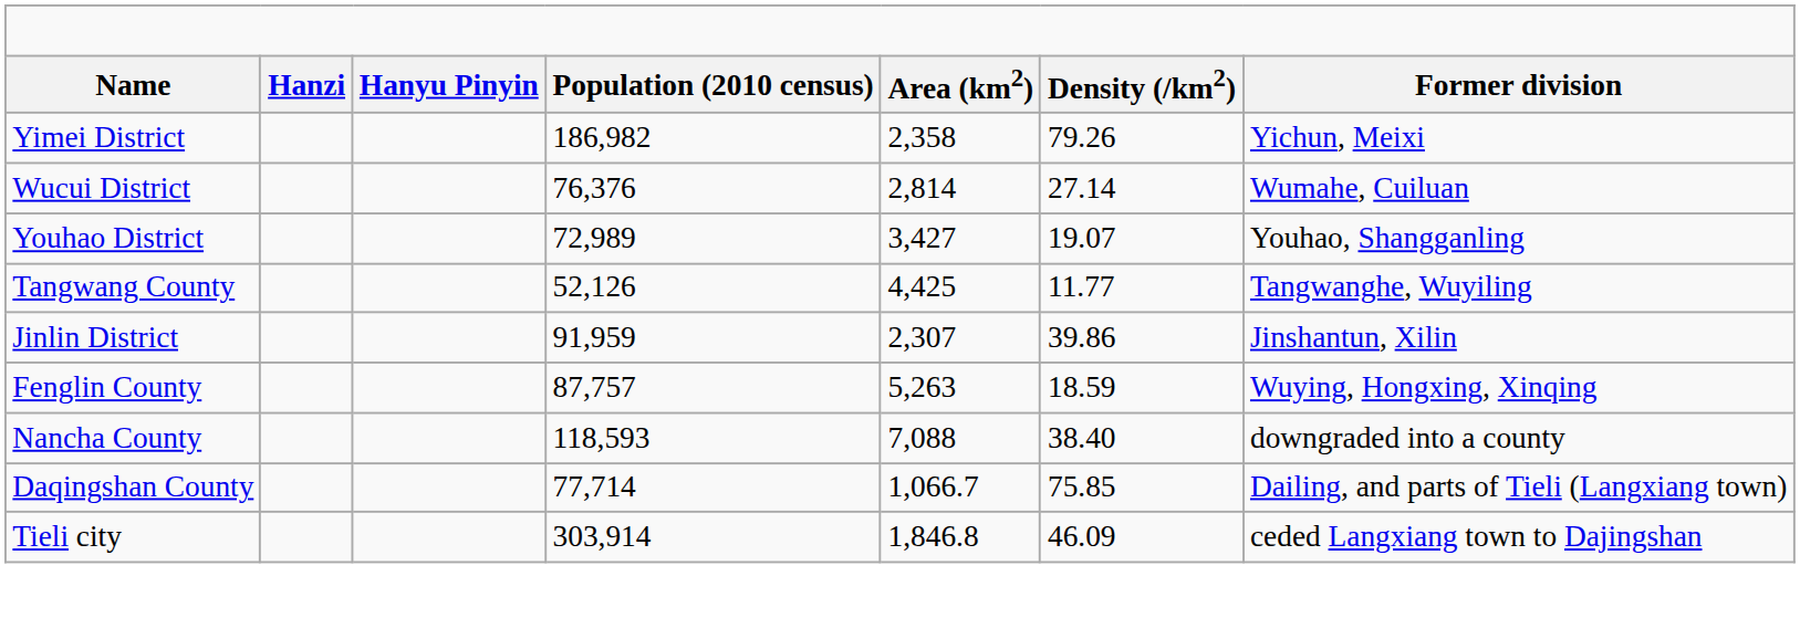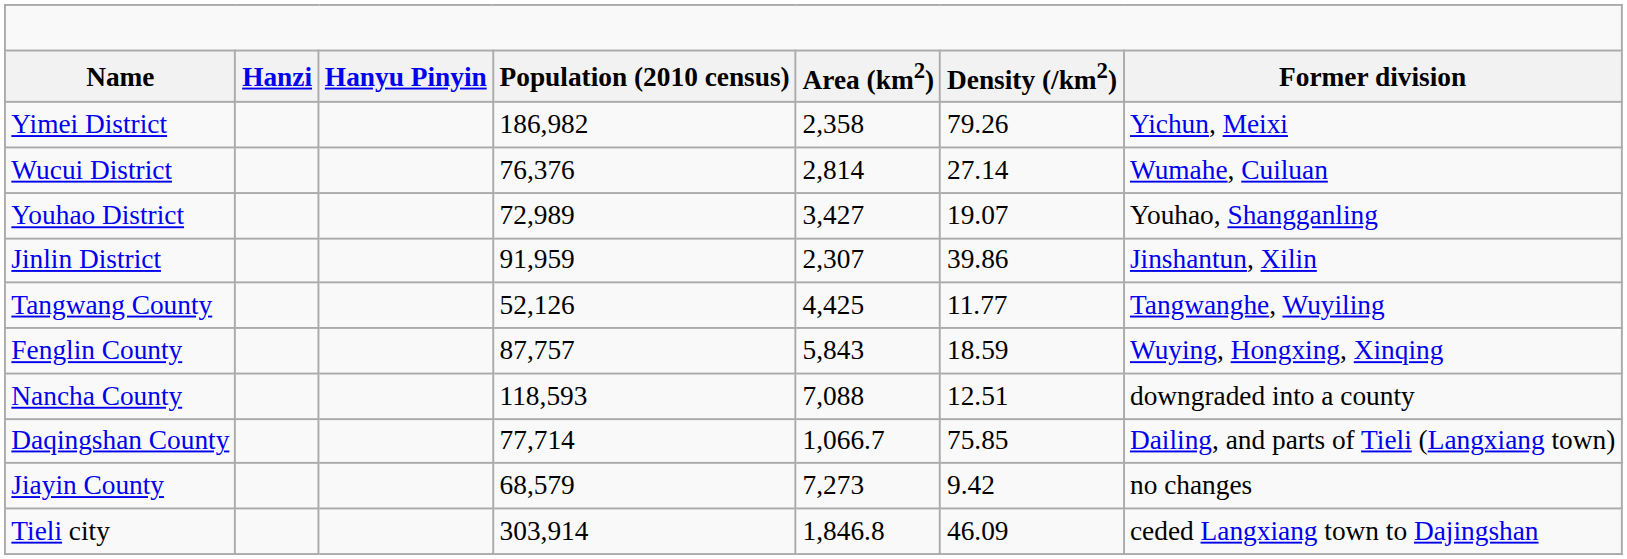 <table class="wikitable"  style="font-size:90%;" align=center>
 <tr>
 <td colspan="7" align="center"><div><br>             </div></td>
 </tr>
 <tr>
 <th>Name</th>
 <th><a href='#'>Hanzi</a></th>
 <th><a href='#'>Hanyu Pinyin</a></th>
 <th>Population (2010 census)</th>
 <th>Area (km<sup>2</sup>)</th>
 <th>Density (/km<sup>2</sup>)</th>
 <th>Former division</th>
 </tr>
 <tr>
 <td><a href='#'>Yimei District</a></td>
 <td></td>
 <td></td>
 <td>186,982</td>
 <td>2,358</td>
 <td>79.26</td>
 <td><a href='#'>Yichun</a>, <a href='#'>Meixi</a></td>
 </tr>
 <tr>
 <td><a href='#'>Wucui District</a></td>
 <td></td>
 <td></td>
 <td>76,376</td>
 <td>2,814</td>
 <td>27.14</td>
 <td><a href='#'>Wumahe</a>, <a href='#'>Cuiluan</a></td>
 </tr>
 <tr>
 <td><a href='#'>Youhao District</a></td>
 <td></td>
 <td></td>
 <td>72,989</td>
 <td>3,427</td>
 <td>19.07</td>
 <td>Youhao, <a href='#'>Shangganling</a></td>
 </tr>
 <tr>
+<td><a href='#'>Jinlin District</a></td>
+<td></td>
+<td></td>
+<td>91,959</td>
+<td>2,307</td>
+<td>39.86</td>
+<td><a href='#'>Jinshantun</a>, <a href='#'>Xilin</a></td>
+</tr>
+<tr>
 <td><a href='#'>Tangwang County</a></td>
 <td></td>
 <td></td>
 <td>52,126</td>
 <td>4,425</td>
 <td>11.77</td>
 <td><a href='#'>Tangwanghe</a>, <a href='#'>Wuyiling</a></td>
 </tr>
 <tr>
-<td><a href='#'>Jinlin District</a></td>
-<td></td>
-<td></td>
-<td>91,959</td>
-<td>2,307</td>
-<td>39.86</td>
-<td><a href='#'>Jinshantun</a>, <a href='#'>Xilin</a></td>
-</tr>
-<tr>
 <td><a href='#'>Fenglin County</a></td>
 <td></td>
 <td></td>
 <td>87,757</td>
-<td>5,263</td>
+<td>5,843</td>
 <td>18.59</td>
 <td><a href='#'>Wuying</a>, <a href='#'>Hongxing</a>, <a href='#'>Xinqing</a></td>
 </tr>
 <tr>
 <td><a href='#'>Nancha County</a></td>
 <td></td>
 <td></td>
 <td>118,593</td>
 <td>7,088</td>
-<td>38.40</td>
+<td>12.51</td>
 <td>downgraded into a county</td>
 </tr>
 <tr>
 <td><a href='#'>Daqingshan County</a></td>
 <td></td>
 <td></td>
 <td>77,714</td>
 <td>1,066.7</td>
 <td>75.85</td>
 <td><a href='#'>Dailing</a>, and parts of <a href='#'>Tieli</a> (<a href='#'>Langxiang</a> town)</td>
 </tr>
 <tr --------->
+<td><a href='#'>Jiayin County</a></td>
+<td></td>
+<td></td>
+<td>68,579</td>
+<td>7,273</td>
+<td>9.42</td>
+<td>no changes</td>
+</tr>
+<tr --------->
 <td><a href='#'>Tieli</a> city</td>
 <td></td>
 <td></td>
 <td>303,914</td>
 <td>1,846.8</td>
 <td>46.09</td>
 <td>ceded <a href='#'>Langxiang</a> town to <a href='#'>Dajingshan</a></td>
 </tr>
 </table>
